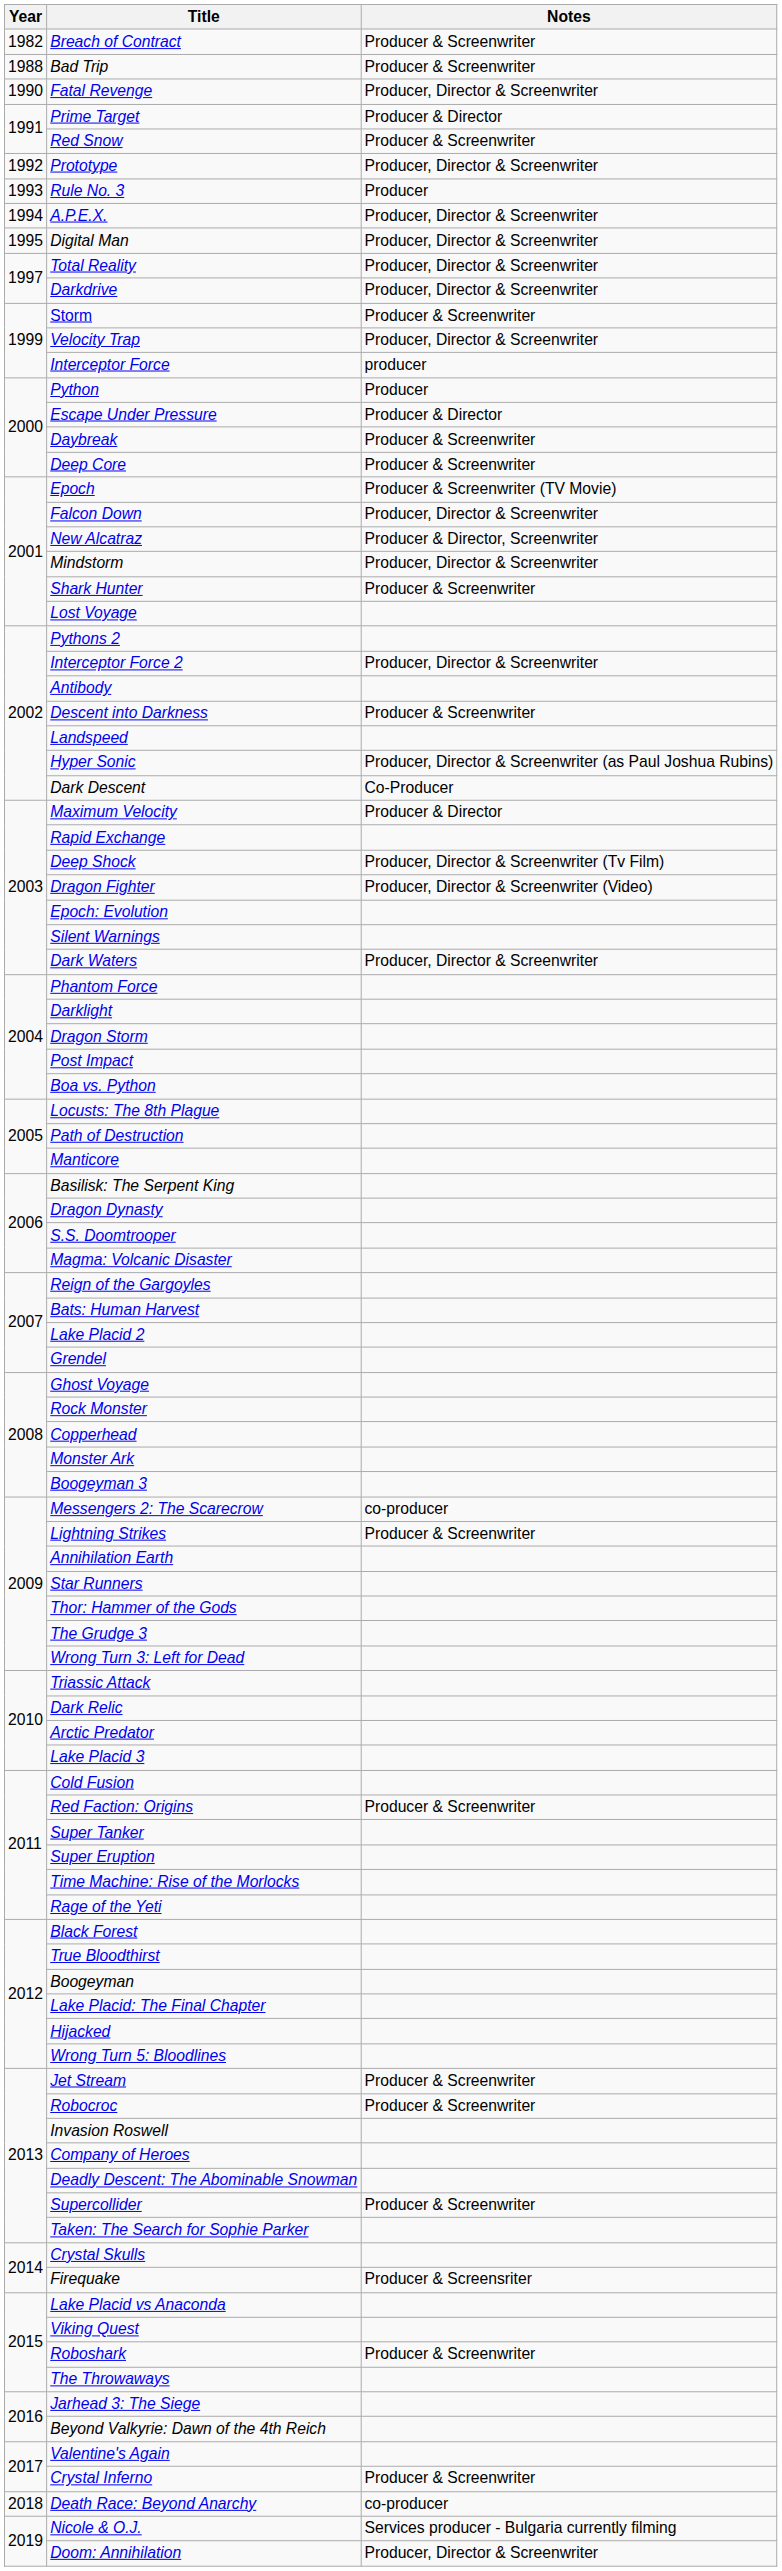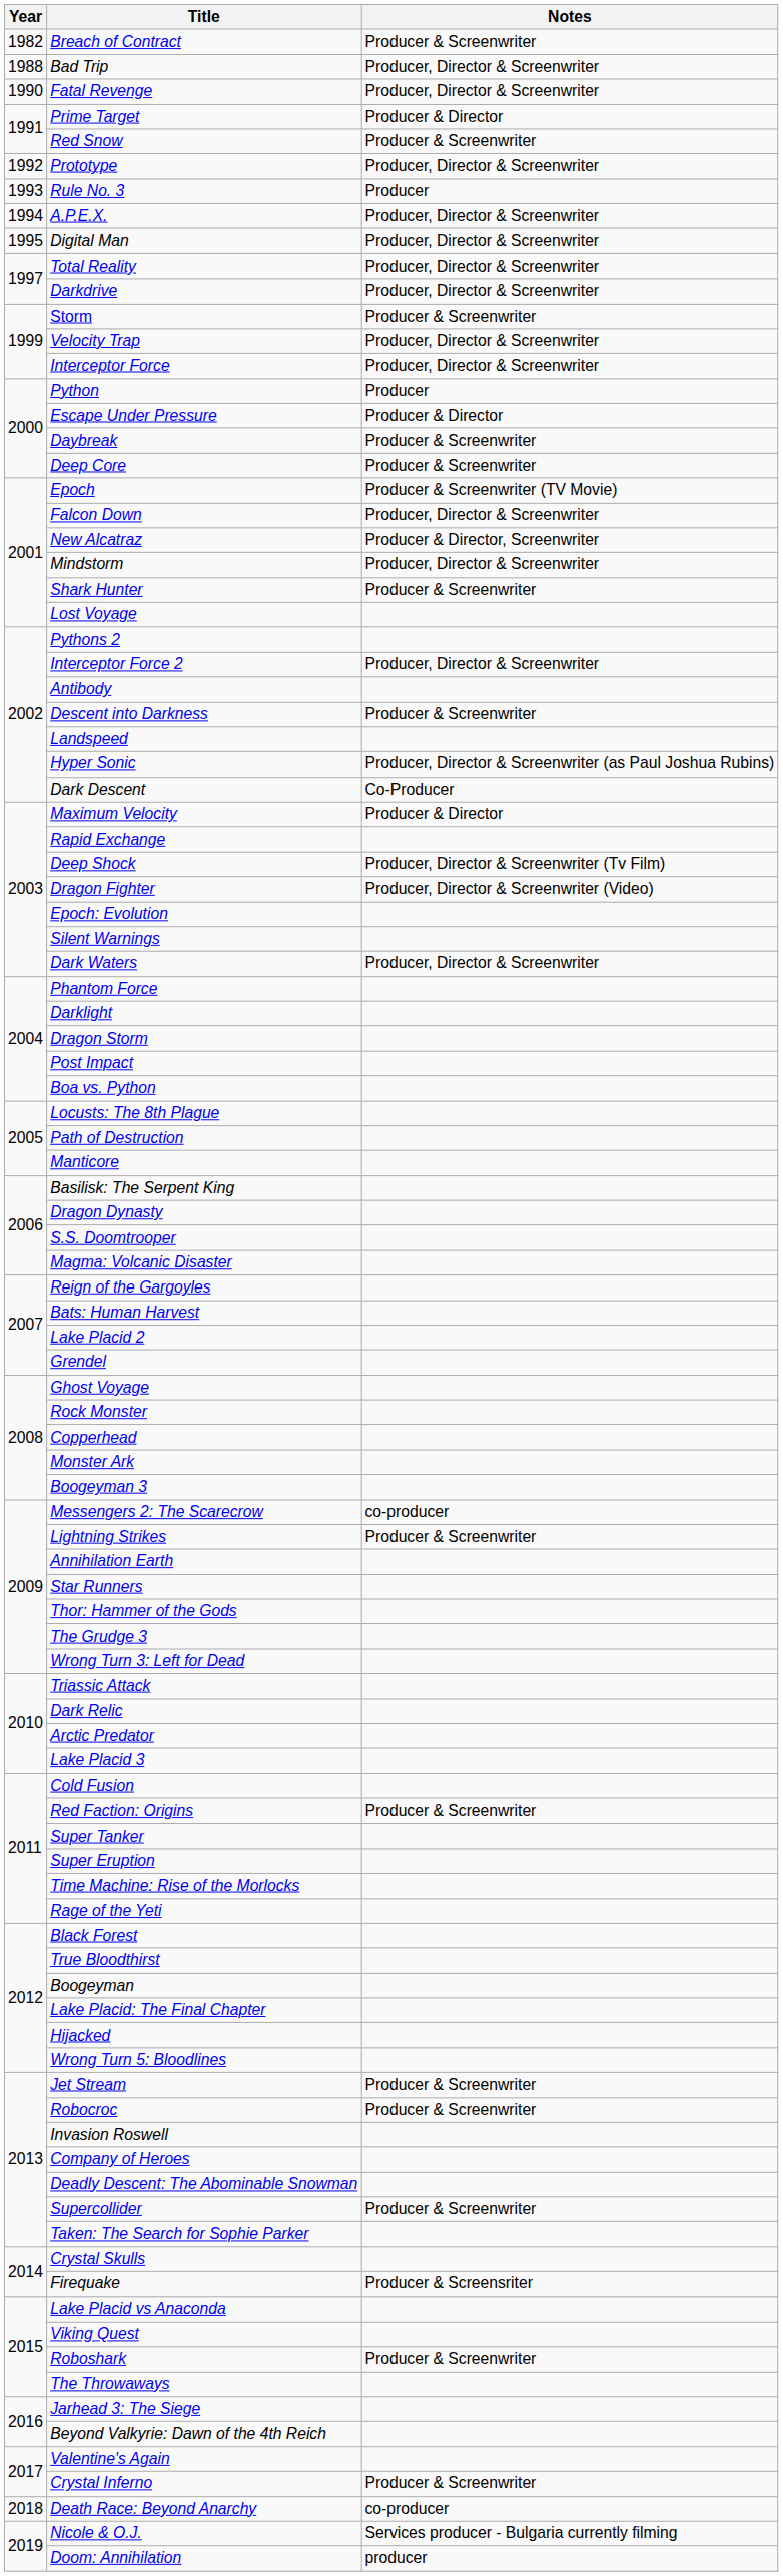 <table class="wikitable sortable">
 <tr>
 <th>Year</th>
 <th>Title</th>
 <th class="unsortable">Notes</th>
 </tr>
 <tr>
 <td>1982</td>
 <td><em><a href='#'>Breach of Contract</a></em></td>
 <td>Producer & Screenwriter</td>
 </tr>
 <tr>
 <td>1988</td>
 <td><em>Bad Trip</em></td>
-<td>Producer & Screenwriter</td>
+<td>Producer, Director & Screenwriter</td>
 </tr>
 <tr>
 <td>1990</td>
 <td><em><a href='#'>Fatal Revenge</a></em></td>
 <td>Producer, Director & Screenwriter</td>
 </tr>
 <tr>
 <td rowspan="2">1991</td>
 <td><em><a href='#'>Prime Target</a></em></td>
 <td>Producer & Director</td>
 </tr>
 <tr>
 <td><em><a href='#'>Red Snow</a></em></td>
 <td>Producer & Screenwriter</td>
 </tr>
 <tr>
 <td>1992</td>
 <td><em><a href='#'>Prototype</a></em></td>
 <td>Producer, Director & Screenwriter</td>
 </tr>
 <tr>
 <td>1993</td>
 <td><em><a href='#'>Rule No. 3</a></em></td>
 <td>Producer</td>
 </tr>
 <tr>
 <td>1994</td>
 <td><em><a href='#'>A.P.E.X.</a></em></td>
 <td>Producer, Director & Screenwriter</td>
 </tr>
 <tr>
 <td>1995</td>
 <td><em>Digital Man</em></td>
 <td>Producer, Director & Screenwriter</td>
 </tr>
 <tr>
 <td rowspan="2">1997</td>
 <td><em><a href='#'>Total Reality</a></em></td>
 <td>Producer, Director & Screenwriter</td>
 </tr>
 <tr>
 <td><em><a href='#'>Darkdrive</a></em></td>
 <td>Producer, Director & Screenwriter</td>
 </tr>
 <tr>
 <td rowspan="3">1999</td>
 <td><a href='#'>Storm</a></td>
 <td>Producer & Screenwriter</td>
 </tr>
 <tr>
 <td><em><a href='#'>Velocity Trap</a></em></td>
 <td>Producer, Director & Screenwriter</td>
 </tr>
 <tr>
 <td><em><a href='#'>Interceptor Force</a></em></td>
-<td>producer</td>
+<td>Producer, Director & Screenwriter</td>
 </tr>
 <tr>
 <td rowspan="4">2000</td>
 <td><em><a href='#'>Python</a></em></td>
 <td>Producer</td>
 </tr>
 <tr>
 <td><em><a href='#'>Escape Under Pressure</a></em></td>
 <td>Producer & Director</td>
 </tr>
 <tr>
 <td><em><a href='#'>Daybreak</a></em></td>
 <td>Producer & Screenwriter</td>
 </tr>
 <tr>
 <td><em><a href='#'>Deep Core</a></em></td>
 <td>Producer & Screenwriter</td>
 </tr>
 <tr>
 <td rowspan="6">2001</td>
 <td><em><a href='#'>Epoch</a></em></td>
 <td>Producer & Screenwriter (TV Movie)</td>
 </tr>
 <tr>
 <td><em><a href='#'>Falcon Down</a></em></td>
 <td>Producer, Director & Screenwriter</td>
 </tr>
 <tr>
 <td><em><a href='#'>New Alcatraz</a></em></td>
 <td>Producer & Director, Screenwriter</td>
 </tr>
 <tr>
 <td><em>Mindstorm</em></td>
 <td>Producer, Director & Screenwriter</td>
 </tr>
 <tr>
 <td><em><a href='#'>Shark Hunter</a></em></td>
 <td>Producer & Screenwriter</td>
 </tr>
 <tr>
 <td><em><a href='#'>Lost Voyage</a></em></td>
 <td></td>
 </tr>
 <tr>
 <td rowspan="7">2002</td>
 <td><em><a href='#'>Pythons 2</a></em></td>
 <td></td>
 </tr>
 <tr>
 <td><em><a href='#'>Interceptor Force 2</a></em></td>
 <td>Producer, Director & Screenwriter</td>
 </tr>
 <tr>
 <td><em><a href='#'>Antibody</a></em></td>
 <td></td>
 </tr>
 <tr>
 <td><em><a href='#'>Descent into Darkness</a></em></td>
 <td>Producer & Screenwriter</td>
 </tr>
 <tr>
 <td><em><a href='#'>Landspeed</a></em></td>
 <td></td>
 </tr>
 <tr>
 <td><em><a href='#'>Hyper Sonic</a></em></td>
 <td>Producer, Director & Screenwriter (as Paul Joshua Rubins)</td>
 </tr>
 <tr>
 <td><em>Dark Descent</em></td>
 <td>Co-Producer</td>
 </tr>
 <tr>
 <td rowspan="7">2003</td>
 <td><em><a href='#'>Maximum Velocity</a></em></td>
 <td>Producer & Director</td>
 </tr>
 <tr>
 <td><em><a href='#'>Rapid Exchange</a></em></td>
 <td></td>
 </tr>
 <tr>
 <td><em><a href='#'>Deep Shock</a></em></td>
 <td>Producer, Director & Screenwriter (Tv Film)</td>
 </tr>
 <tr>
 <td><em><a href='#'>Dragon Fighter</a></em></td>
 <td>Producer, Director & Screenwriter (Video)</td>
 </tr>
 <tr>
 <td><em><a href='#'>Epoch: Evolution</a></em></td>
 <td></td>
 </tr>
 <tr>
 <td><em><a href='#'>Silent Warnings</a></em></td>
 <td></td>
 </tr>
 <tr>
 <td><em><a href='#'>Dark Waters</a></em></td>
 <td>Producer, Director & Screenwriter</td>
 </tr>
 <tr>
 <td rowspan="5">2004</td>
 <td><em><a href='#'>Phantom Force</a></em></td>
 <td></td>
 </tr>
 <tr>
 <td><em><a href='#'>Darklight</a></em></td>
 <td></td>
 </tr>
 <tr>
 <td><em><a href='#'>Dragon Storm</a></em></td>
 <td></td>
 </tr>
 <tr>
 <td><em><a href='#'>Post Impact</a></em></td>
 <td></td>
 </tr>
 <tr>
 <td><em><a href='#'>Boa vs. Python</a></em></td>
 <td></td>
 </tr>
 <tr>
 <td rowspan="3">2005</td>
 <td><em><a href='#'>Locusts: The 8th Plague</a></em></td>
 <td></td>
 </tr>
 <tr>
 <td><em><a href='#'>Path of Destruction</a></em></td>
 <td></td>
 </tr>
 <tr>
 <td><em><a href='#'>Manticore</a></em></td>
 <td></td>
 </tr>
 <tr>
 <td rowspan="4">2006</td>
 <td><em>Basilisk: The Serpent King</em></td>
 <td></td>
 </tr>
 <tr>
 <td><em><a href='#'>Dragon Dynasty</a></em></td>
 <td></td>
 </tr>
 <tr>
 <td><em><a href='#'>S.S. Doomtrooper</a></em></td>
 <td></td>
 </tr>
 <tr>
 <td><em><a href='#'>Magma: Volcanic Disaster</a></em></td>
 <td></td>
 </tr>
 <tr>
 <td rowspan="4">2007</td>
 <td><em><a href='#'>Reign of the Gargoyles</a></em></td>
 <td></td>
 </tr>
 <tr>
 <td><em><a href='#'>Bats: Human Harvest</a></em></td>
 <td></td>
 </tr>
 <tr>
 <td><em><a href='#'>Lake Placid 2</a></em></td>
 <td></td>
 </tr>
 <tr>
 <td><em><a href='#'>Grendel</a></em></td>
 <td></td>
 </tr>
 <tr>
 <td rowspan="5">2008</td>
 <td><em><a href='#'>Ghost Voyage</a></em></td>
 <td></td>
 </tr>
 <tr>
 <td><em><a href='#'>Rock Monster</a></em></td>
 <td></td>
 </tr>
 <tr>
 <td><em><a href='#'>Copperhead</a></em></td>
 <td></td>
 </tr>
 <tr>
 <td><em><a href='#'>Monster Ark</a></em></td>
 <td></td>
 </tr>
 <tr>
 <td><em><a href='#'>Boogeyman 3</a></em></td>
 <td></td>
 </tr>
 <tr>
 <td rowspan="7">2009</td>
 <td><em><a href='#'>Messengers 2: The Scarecrow</a></em></td>
 <td>co-producer</td>
 </tr>
 <tr>
 <td><em><a href='#'>Lightning Strikes</a></em></td>
 <td>Producer & Screenwriter</td>
 </tr>
 <tr>
 <td><em><a href='#'>Annihilation Earth</a></em></td>
 <td></td>
 </tr>
 <tr>
 <td><em><a href='#'>Star Runners</a></em></td>
 <td></td>
 </tr>
 <tr>
 <td><em><a href='#'>Thor: Hammer of the Gods</a></em></td>
 <td></td>
 </tr>
 <tr>
 <td><em><a href='#'>The Grudge 3</a></em></td>
 <td></td>
 </tr>
 <tr>
 <td><em><a href='#'>Wrong Turn 3: Left for Dead</a></em></td>
 <td></td>
 </tr>
 <tr>
 <td rowspan="4">2010</td>
 <td><em><a href='#'>Triassic Attack</a></em></td>
 <td></td>
 </tr>
 <tr>
 <td><em><a href='#'>Dark Relic</a></em></td>
 <td></td>
 </tr>
 <tr>
 <td><em><a href='#'>Arctic Predator</a></em></td>
 <td></td>
 </tr>
 <tr>
 <td><em><a href='#'>Lake Placid 3</a></em></td>
 <td></td>
 </tr>
 <tr>
 <td rowspan="6">2011</td>
 <td><em><a href='#'>Cold Fusion</a></em></td>
 <td></td>
 </tr>
 <tr>
 <td><em><a href='#'>Red Faction: Origins</a></em></td>
 <td>Producer & Screenwriter</td>
 </tr>
 <tr>
 <td><em><a href='#'>Super Tanker</a></em></td>
 <td></td>
 </tr>
 <tr>
 <td><em><a href='#'>Super Eruption</a></em></td>
 <td></td>
 </tr>
 <tr>
 <td><em><a href='#'>Time Machine: Rise of the Morlocks</a></em></td>
 <td></td>
 </tr>
 <tr>
 <td><em><a href='#'>Rage of the Yeti</a></em></td>
 <td></td>
 </tr>
 <tr>
 <td rowspan="6">2012</td>
 <td><em><a href='#'>Black Forest</a></em></td>
 <td></td>
 </tr>
 <tr>
 <td><em><a href='#'>True Bloodthirst</a></em></td>
 <td></td>
 </tr>
 <tr>
 <td><em>Boogeyman</em></td>
 <td></td>
 </tr>
 <tr>
 <td><em><a href='#'>Lake Placid: The Final Chapter</a></em></td>
 <td></td>
 </tr>
 <tr>
 <td><em><a href='#'>Hijacked</a></em></td>
 <td></td>
 </tr>
 <tr>
 <td><em><a href='#'>Wrong Turn 5: Bloodlines</a></em></td>
 <td></td>
 </tr>
 <tr>
 <td rowspan="7">2013</td>
 <td><em><a href='#'>Jet Stream</a></em></td>
 <td>Producer & Screenwriter</td>
 </tr>
 <tr>
 <td><em><a href='#'>Robocroc</a></em></td>
 <td>Producer & Screenwriter</td>
 </tr>
 <tr>
 <td><em>Invasion Roswell</em></td>
 <td></td>
 </tr>
 <tr>
 <td><em><a href='#'>Company of Heroes</a></em></td>
 <td></td>
 </tr>
 <tr>
 <td><em><a href='#'>Deadly Descent: The Abominable Snowman</a></em></td>
 <td></td>
 </tr>
 <tr>
 <td><em><a href='#'>Supercollider</a></em></td>
 <td>Producer & Screenwriter</td>
 </tr>
 <tr>
 <td><em><a href='#'>Taken: The Search for Sophie Parker</a></em></td>
 <td></td>
 </tr>
 <tr>
 <td rowspan="2">2014</td>
 <td><em><a href='#'>Crystal Skulls</a></em></td>
 <td></td>
 </tr>
 <tr>
 <td><em>Firequake</em></td>
 <td>Producer & Screensriter</td>
 </tr>
 <tr>
 <td rowspan="4">2015</td>
 <td><em><a href='#'>Lake Placid vs Anaconda</a></em></td>
 <td></td>
 </tr>
 <tr>
 <td><em><a href='#'>Viking Quest</a></em></td>
 <td></td>
 </tr>
 <tr>
 <td><em><a href='#'>Roboshark</a></em></td>
 <td>Producer & Screenwriter</td>
 </tr>
 <tr>
 <td><em><a href='#'>The Throwaways</a></em></td>
 <td></td>
 </tr>
 <tr>
 <td rowspan="2">2016</td>
 <td><em><a href='#'>Jarhead 3: The Siege</a></em></td>
 <td></td>
 </tr>
 <tr>
 <td><em>Beyond Valkyrie: Dawn of the 4th Reich</em></td>
 <td></td>
 </tr>
 <tr>
 <td rowspan="2">2017</td>
 <td><em><a href='#'>Valentine's Again</a></em></td>
 <td></td>
 </tr>
 <tr>
 <td><em><a href='#'>Crystal Inferno</a></em></td>
 <td>Producer & Screenwriter</td>
 </tr>
 <tr>
 <td>2018</td>
 <td><em><a href='#'>Death Race: Beyond Anarchy</a></em></td>
 <td>co-producer</td>
 </tr>
 <tr>
 <td rowspan="2">2019</td>
 <td><em><a href='#'>Nicole & O.J.</a></em></td>
 <td>Services producer - Bulgaria currently filming</td>
 </tr>
 <tr>
 <td><em><a href='#'>Doom: Annihilation</a></em></td>
-<td>Producer, Director & Screenwriter</td>
+<td>producer</td>
 </tr>
 </table>
